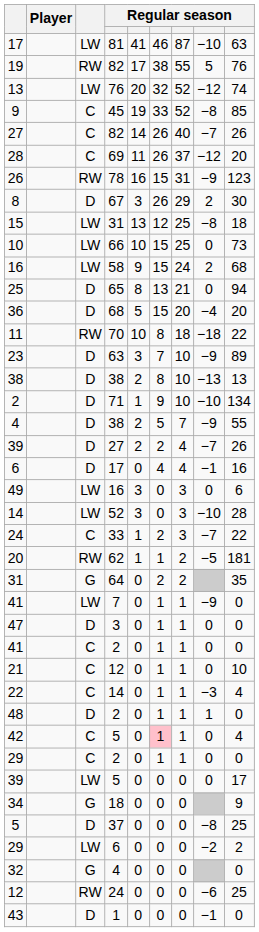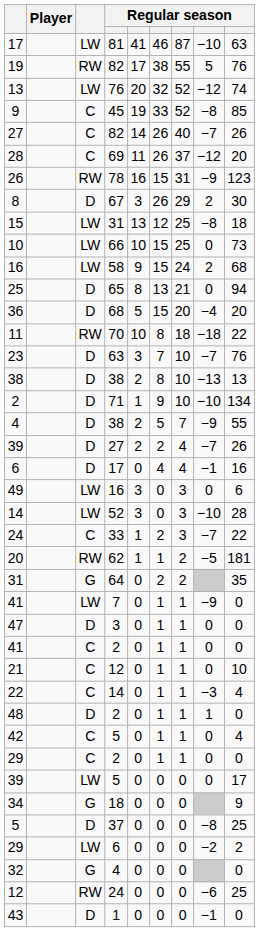 <table class="wikitable sortable plainrowheaders" style="text-align:center;">
 <tr>
 <th scope="col" data-sort-type="number" rowspan="2"></th>
 <th scope="col" rowspan="2">Player</th>
 <th scope="col" rowspan="2"></th>
 <th scope=colgroup colspan=6>Regular season</th>
 </tr>
 <tr>
 <th scope="col" data-sort-type="number"></th>
 <th scope="col" data-sort-type="number"></th>
 <th scope="col" data-sort-type="number"></th>
 <th scope="col" data-sort-type="number"></th>
 <th scope="col" data-sort-type="number"></th>
 <th scope="col" data-sort-type="number"></th>
 </tr>
 <tr>
 <td scope="row">17</td>
 <td align="left"></td>
 <td>LW</td>
 <td>81</td>
 <td>41</td>
 <td>46</td>
 <td>87</td>
 <td>−10</td>
 <td>63</td>
 </tr>
 <tr>
 <td scope="row">19</td>
 <td align="left"></td>
 <td>RW</td>
 <td>82</td>
 <td>17</td>
 <td>38</td>
 <td>55</td>
 <td>5</td>
 <td>76</td>
 </tr>
 <tr>
 <td scope="row">13</td>
 <td align="left"></td>
 <td>LW</td>
 <td>76</td>
 <td>20</td>
 <td>32</td>
 <td>52</td>
 <td>−12</td>
 <td>74</td>
 </tr>
 <tr>
 <td scope="row">9</td>
 <td align="left"></td>
 <td>C</td>
 <td>45</td>
 <td>19</td>
 <td>33</td>
 <td>52</td>
 <td>−8</td>
 <td>85</td>
 </tr>
 <tr>
 <td scope="row">27</td>
 <td align="left"></td>
 <td>C</td>
 <td>82</td>
 <td>14</td>
 <td>26</td>
 <td>40</td>
 <td>−7</td>
 <td>26</td>
 </tr>
 <tr>
 <td scope="row">28</td>
 <td align="left"></td>
 <td>C</td>
 <td>69</td>
 <td>11</td>
 <td>26</td>
 <td>37</td>
 <td>−12</td>
 <td>20</td>
 </tr>
 <tr>
 <td scope="row">26</td>
 <td align="left"></td>
 <td>RW</td>
 <td>78</td>
 <td>16</td>
 <td>15</td>
 <td>31</td>
 <td>−9</td>
 <td>123</td>
 </tr>
 <tr>
 <td scope="row">8</td>
 <td align="left"></td>
 <td>D</td>
 <td>67</td>
 <td>3</td>
 <td>26</td>
 <td>29</td>
 <td>2</td>
 <td>30</td>
 </tr>
 <tr>
 <td scope="row">15</td>
 <td align="left"></td>
 <td>LW</td>
 <td>31</td>
 <td>13</td>
 <td>12</td>
 <td>25</td>
 <td>−8</td>
 <td>18</td>
 </tr>
 <tr>
 <td scope="row">10</td>
 <td align="left"></td>
 <td>LW</td>
 <td>66</td>
 <td>10</td>
 <td>15</td>
 <td>25</td>
 <td>0</td>
 <td>73</td>
 </tr>
 <tr>
 <td scope="row">16</td>
 <td align="left"></td>
 <td>LW</td>
 <td>58</td>
 <td>9</td>
 <td>15</td>
 <td>24</td>
 <td>2</td>
 <td>68</td>
 </tr>
 <tr>
 <td scope="row">25</td>
 <td align="left"></td>
 <td>D</td>
 <td>65</td>
 <td>8</td>
 <td>13</td>
 <td>21</td>
 <td>0</td>
 <td>94</td>
 </tr>
 <tr>
 <td scope="row">36</td>
 <td align="left"></td>
 <td>D</td>
 <td>68</td>
 <td>5</td>
 <td>15</td>
 <td>20</td>
 <td>−4</td>
 <td>20</td>
 </tr>
 <tr>
 <td scope="row">11</td>
 <td align="left"></td>
 <td>RW</td>
 <td>70</td>
 <td>10</td>
 <td>8</td>
 <td>18</td>
 <td>−18</td>
 <td>22</td>
 </tr>
 <tr>
 <td scope="row">23</td>
 <td align="left"></td>
 <td>D</td>
 <td>63</td>
 <td>3</td>
 <td>7</td>
 <td>10</td>
-<td>−9</td>
-<td>89</td>
+<td>−7</td>
+<td>76</td>
 </tr>
 <tr>
 <td scope="row">38</td>
 <td align="left"></td>
 <td>D</td>
 <td>38</td>
 <td>2</td>
 <td>8</td>
 <td>10</td>
 <td>−13</td>
 <td>13</td>
 </tr>
 <tr>
 <td scope="row">2</td>
 <td align="left"></td>
 <td>D</td>
 <td>71</td>
 <td>1</td>
 <td>9</td>
 <td>10</td>
 <td>−10</td>
 <td>134</td>
 </tr>
 <tr>
 <td scope="row">4</td>
 <td align="left"></td>
 <td>D</td>
 <td>38</td>
 <td>2</td>
 <td>5</td>
 <td>7</td>
 <td>−9</td>
 <td>55</td>
 </tr>
 <tr>
 <td scope="row">39</td>
 <td align="left"></td>
 <td>D</td>
 <td>27</td>
 <td>2</td>
 <td>2</td>
 <td>4</td>
 <td>−7</td>
 <td>26</td>
 </tr>
 <tr>
 <td scope="row">6</td>
 <td align="left"></td>
 <td>D</td>
 <td>17</td>
 <td>0</td>
 <td>4</td>
 <td>4</td>
 <td>−1</td>
 <td>16</td>
 </tr>
 <tr>
 <td scope="row">49</td>
 <td align="left"></td>
 <td>LW</td>
 <td>16</td>
 <td>3</td>
 <td>0</td>
 <td>3</td>
 <td>0</td>
 <td>6</td>
 </tr>
 <tr>
 <td scope="row">14</td>
 <td align="left"></td>
 <td>LW</td>
 <td>52</td>
 <td>3</td>
 <td>0</td>
 <td>3</td>
 <td>−10</td>
 <td>28</td>
 </tr>
 <tr>
 <td scope="row">24</td>
 <td align="left"></td>
 <td>C</td>
 <td>33</td>
 <td>1</td>
 <td>2</td>
 <td>3</td>
 <td>−7</td>
 <td>22</td>
 </tr>
 <tr>
 <td scope="row">20</td>
 <td align="left"></td>
 <td>RW</td>
 <td>62</td>
 <td>1</td>
 <td>1</td>
 <td>2</td>
 <td>−5</td>
 <td>181</td>
 </tr>
 <tr>
 <td scope="row">31</td>
 <td align="left"></td>
 <td>G</td>
 <td>64</td>
 <td>0</td>
 <td>2</td>
 <td>2</td>
 <td style="background:#ccc"></td>
 <td>35</td>
 </tr>
 <tr>
 <td scope="row">41</td>
 <td align="left"></td>
 <td>LW</td>
 <td>7</td>
 <td>0</td>
 <td>1</td>
 <td>1</td>
 <td>−9</td>
 <td>0</td>
 </tr>
 <tr>
 <td scope="row">47</td>
 <td align="left"></td>
 <td>D</td>
 <td>3</td>
 <td>0</td>
 <td>1</td>
 <td>1</td>
 <td>0</td>
 <td>0</td>
 </tr>
 <tr>
 <td scope="row">41</td>
 <td align="left"></td>
 <td>C</td>
 <td>2</td>
 <td>0</td>
 <td>1</td>
 <td>1</td>
 <td>0</td>
 <td>0</td>
 </tr>
 <tr>
 <td scope="row">21</td>
 <td align="left"></td>
 <td>C</td>
 <td>12</td>
 <td>0</td>
 <td>1</td>
 <td>1</td>
 <td>0</td>
 <td>10</td>
 </tr>
 <tr>
 <td scope="row">22</td>
 <td align="left"></td>
 <td>C</td>
 <td>14</td>
 <td>0</td>
 <td>1</td>
 <td>1</td>
 <td>−3</td>
 <td>4</td>
 </tr>
 <tr>
 <td scope="row">48</td>
 <td align="left"></td>
 <td>D</td>
 <td>2</td>
 <td>0</td>
 <td>1</td>
 <td>1</td>
 <td>1</td>
 <td>0</td>
 </tr>
 <tr>
 <td scope="row">42</td>
 <td align="left"></td>
 <td>C</td>
 <td>5</td>
 <td>0</td>
-<td style="background: pink;">1</td>
+<td>1</td>
 <td>1</td>
 <td>0</td>
 <td>4</td>
 </tr>
 <tr>
 <td scope="row">29</td>
 <td align="left"></td>
 <td>C</td>
 <td>2</td>
 <td>0</td>
 <td>1</td>
 <td>1</td>
 <td>0</td>
 <td>0</td>
 </tr>
 <tr>
 <td scope="row">39</td>
 <td align="left"></td>
 <td>LW</td>
 <td>5</td>
 <td>0</td>
 <td>0</td>
 <td>0</td>
 <td>0</td>
 <td>17</td>
 </tr>
 <tr>
 <td scope="row">34</td>
 <td align="left"></td>
 <td>G</td>
 <td>18</td>
 <td>0</td>
 <td>0</td>
 <td>0</td>
 <td style="background:#ccc"></td>
 <td>9</td>
 </tr>
 <tr>
 <td scope="row">5</td>
 <td align="left"></td>
 <td>D</td>
 <td>37</td>
 <td>0</td>
 <td>0</td>
 <td>0</td>
 <td>−8</td>
 <td>25</td>
 </tr>
 <tr>
 <td scope="row">29</td>
 <td align="left"></td>
 <td>LW</td>
 <td>6</td>
 <td>0</td>
 <td>0</td>
 <td>0</td>
 <td>−2</td>
 <td>2</td>
 </tr>
 <tr>
 <td scope="row">32</td>
 <td align="left"></td>
 <td>G</td>
 <td>4</td>
 <td>0</td>
 <td>0</td>
 <td>0</td>
 <td style="background:#ccc"></td>
 <td>0</td>
 </tr>
 <tr>
 <td scope="row">12</td>
 <td align="left"></td>
 <td>RW</td>
 <td>24</td>
 <td>0</td>
 <td>0</td>
 <td>0</td>
 <td>−6</td>
 <td>25</td>
 </tr>
 <tr>
 <td scope="row">43</td>
 <td align="left"></td>
 <td>D</td>
 <td>1</td>
 <td>0</td>
 <td>0</td>
 <td>0</td>
 <td>−1</td>
 <td>0</td>
 </tr>
 </table>
